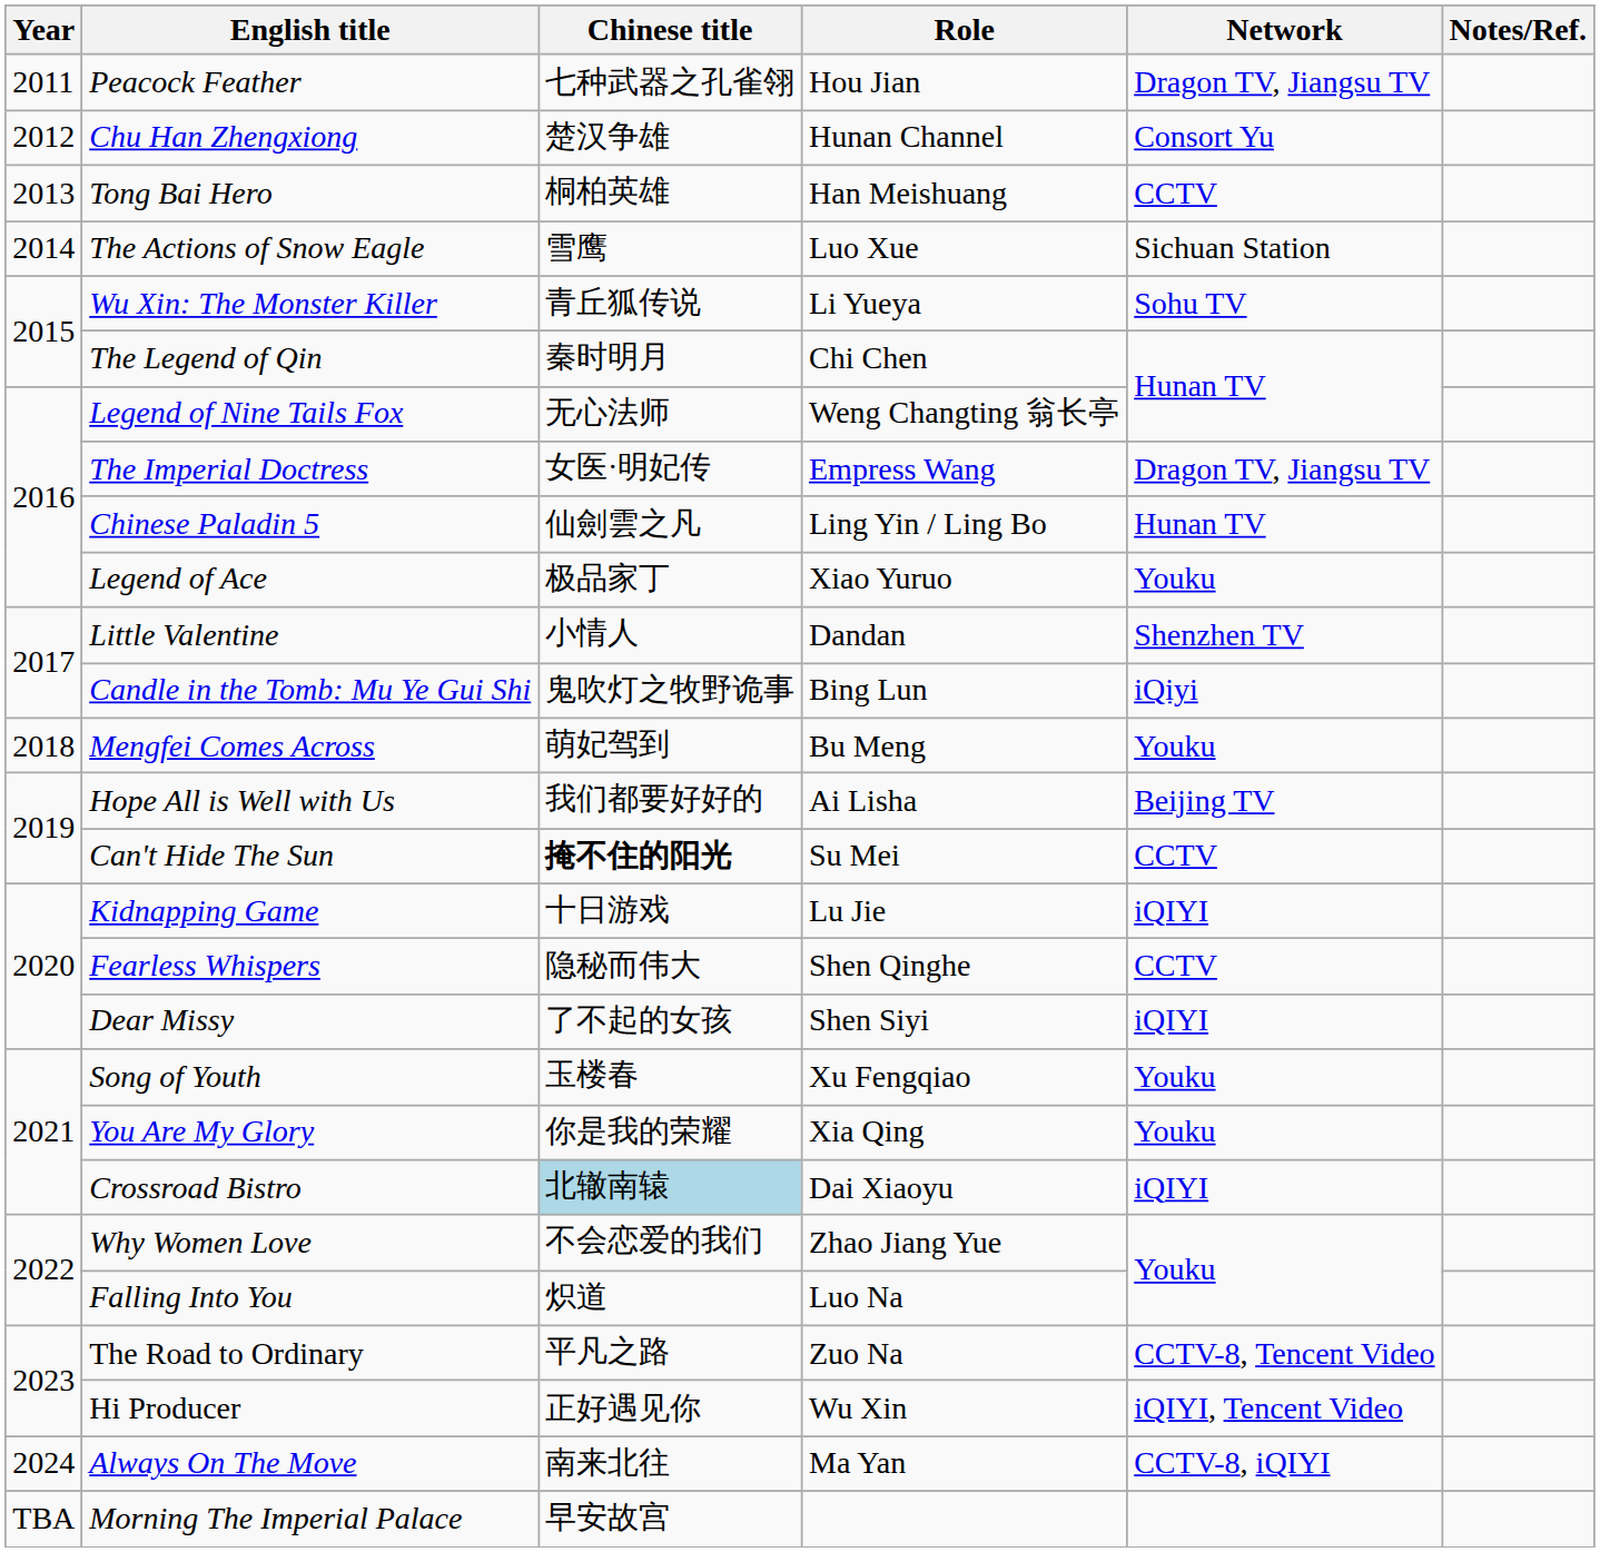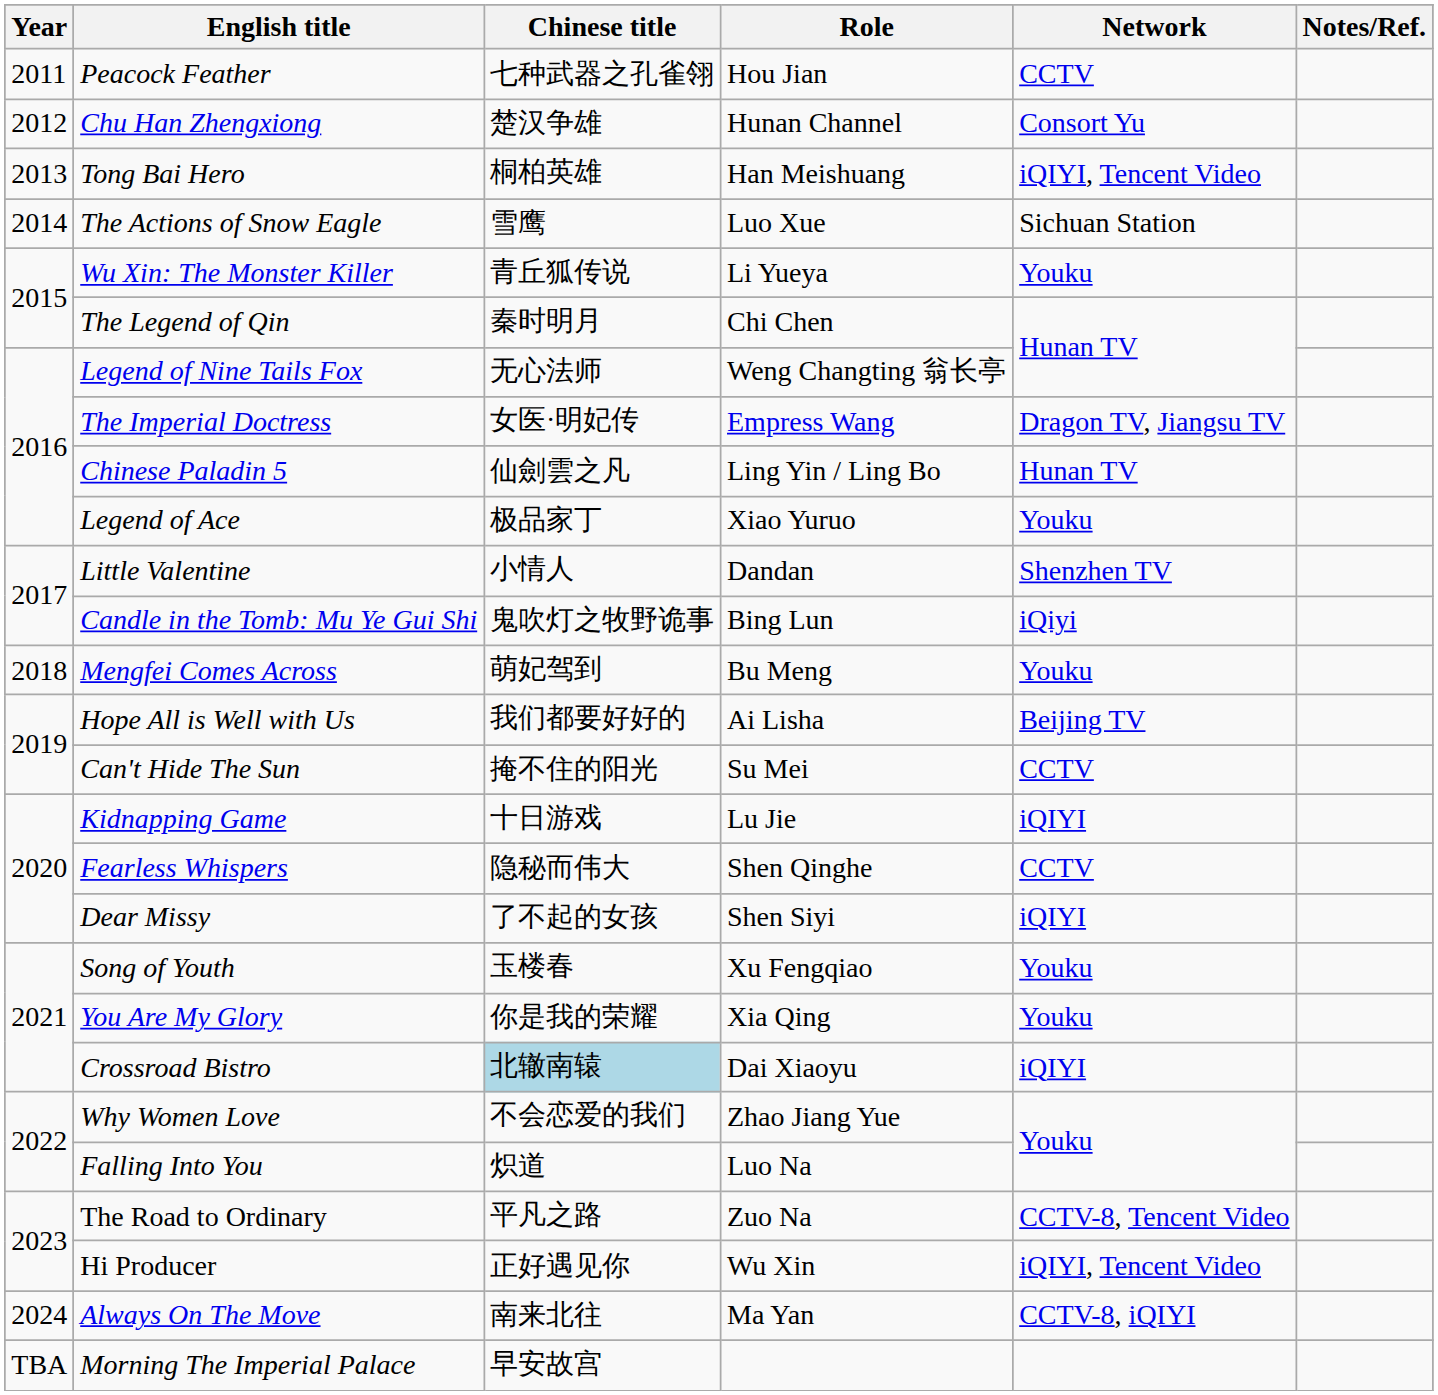 <table class="wikitable">
 <tr>
 <th width=10>Year</th>
 <th>English title</th>
 <th>Chinese title</th>
 <th>Role</th>
 <th>Network</th>
 <th>Notes/Ref.</th>
 </tr>
 <tr>
 <td>2011</td>
 <td><em>Peacock Feather</em></td>
 <td>七种武器之孔雀翎</td>
 <td>Hou Jian</td>
-<td><a href='#'>Dragon TV</a>, <a href='#'>Jiangsu TV</a></td>
+<td><a href='#'>CCTV</a></td>
 <td></td>
 </tr>
 <tr>
 <td>2012</td>
 <td><em><a href='#'>Chu Han Zhengxiong</a></em></td>
 <td>楚汉争雄</td>
 <td>Hunan Channel</td>
 <td><a href='#'>Consort Yu</a></td>
 <td></td>
 </tr>
 <tr>
 <td>2013</td>
 <td><em>Tong Bai Hero</em></td>
 <td>桐柏英雄</td>
 <td>Han Meishuang</td>
-<td><a href='#'>CCTV</a></td>
+<td><a href='#'>iQIYI</a>, <a href='#'>Tencent Video</a></td>
 <td></td>
 </tr>
 <tr>
 <td>2014</td>
 <td><em>The Actions of Snow Eagle</em></td>
 <td>雪鹰</td>
 <td>Luo Xue</td>
 <td>Sichuan Station</td>
 <td></td>
 </tr>
 <tr>
 <td rowspan=2>2015</td>
 <td><em><a href='#'>Wu Xin: The Monster Killer</a></em></td>
 <td>青丘狐传说</td>
 <td>Li Yueya</td>
-<td><a href='#'>Sohu TV</a></td>
+<td><a href='#'>Youku</a></td>
 <td></td>
 </tr>
 <tr>
 <td><em>The Legend of Qin</em></td>
 <td>秦时明月</td>
 <td>Chi Chen</td>
 <td rowspan=2><a href='#'>Hunan TV</a></td>
 <td></td>
 </tr>
 <tr>
 <td rowspan=4>2016</td>
 <td><em><a href='#'>Legend of Nine Tails Fox</a></em></td>
 <td>无心法师</td>
 <td>Weng Changting 翁长亭</td>
 <td></td>
 </tr>
 <tr>
 <td><em><a href='#'>The Imperial Doctress</a></em></td>
 <td>女医·明妃传</td>
 <td><a href='#'>Empress Wang</a></td>
 <td><a href='#'>Dragon TV</a>, <a href='#'>Jiangsu TV</a></td>
 <td></td>
 </tr>
 <tr>
 <td><em><a href='#'>Chinese Paladin 5</a></em></td>
 <td>仙劍雲之凡</td>
 <td>Ling Yin / Ling Bo</td>
 <td><a href='#'>Hunan TV</a></td>
 <td></td>
 </tr>
 <tr>
 <td><em>Legend of Ace</em></td>
 <td>极品家丁</td>
 <td>Xiao Yuruo</td>
 <td><a href='#'>Youku</a></td>
 <td></td>
 </tr>
 <tr>
 <td rowspan=2>2017</td>
 <td><em>Little Valentine</em></td>
 <td>小情人</td>
 <td>Dandan</td>
 <td><a href='#'>Shenzhen TV</a></td>
 <td></td>
 </tr>
 <tr>
 <td><em><a href='#'>Candle in the Tomb: Mu Ye Gui Shi</a></em></td>
 <td>鬼吹灯之牧野诡事</td>
 <td>Bing Lun</td>
 <td><a href='#'>iQiyi</a></td>
 <td></td>
 </tr>
 <tr>
 <td rowspan=1>2018</td>
 <td><em><a href='#'>Mengfei Comes Across</a></em></td>
 <td>萌妃驾到</td>
 <td>Bu Meng</td>
 <td><a href='#'>Youku</a></td>
 <td></td>
 </tr>
 <tr>
 <td rowspan=2>2019</td>
 <td><em>Hope All is Well with Us</em></td>
 <td>我们都要好好的</td>
 <td>Ai Lisha</td>
 <td><a href='#'>Beijing TV</a></td>
 <td></td>
 </tr>
 <tr>
 <td><em>Can't Hide The Sun</em></td>
-<td><strong>掩不住的阳光</strong></td>
+<td>掩不住的阳光</td>
 <td>Su Mei</td>
 <td><a href='#'>CCTV</a></td>
 <td></td>
 </tr>
 <tr>
 <td rowspan="3">2020</td>
 <td><em><a href='#'>Kidnapping Game</a></em></td>
 <td>十日游戏</td>
 <td>Lu Jie</td>
 <td><a href='#'>iQIYI</a></td>
 <td></td>
 </tr>
 <tr>
 <td><em><a href='#'>Fearless Whispers</a></em></td>
 <td>隐秘而伟大</td>
 <td>Shen Qinghe</td>
 <td><a href='#'>CCTV</a></td>
 <td></td>
 </tr>
 <tr>
 <td><em>Dear Missy</em></td>
 <td>了不起的女孩</td>
 <td>Shen Siyi</td>
 <td><a href='#'>iQIYI</a></td>
 <td></td>
 </tr>
 <tr>
 <td rowspan=3>2021</td>
 <td><em>Song of Youth</em></td>
 <td>玉楼春</td>
 <td>Xu Fengqiao</td>
 <td><a href='#'>Youku</a></td>
 <td></td>
 </tr>
 <tr>
 <td><em><a href='#'>You Are My Glory</a></em></td>
 <td>你是我的荣耀</td>
 <td>Xia Qing</td>
 <td><a href='#'>Youku</a></td>
 <td></td>
 </tr>
 <tr>
 <td><em>Crossroad Bistro</em></td>
 <td style="background: lightblue;">北辙南辕</td>
 <td>Dai Xiaoyu</td>
 <td><a href='#'>iQIYI</a></td>
 <td></td>
 </tr>
 <tr>
 <td rowspan=2>2022</td>
 <td><em>Why Women Love</em></td>
 <td>不会恋爱的我们</td>
 <td>Zhao Jiang Yue</td>
 <td rowspan=2><a href='#'>Youku</a></td>
 <td></td>
 </tr>
 <tr>
 <td><em>Falling Into You</em></td>
 <td>炽道</td>
 <td>Luo Na</td>
 <td></td>
 </tr>
 <tr>
 <td rowspan="2">2023</td>
 <td>The Road to Ordinary</td>
 <td>平凡之路</td>
 <td>Zuo Na</td>
 <td><a href='#'>CCTV-8</a>, <a href='#'>Tencent Video</a></td>
 <td></td>
 </tr>
 <tr>
 <td>Hi Producer</td>
 <td>正好遇见你</td>
 <td>Wu Xin</td>
 <td><a href='#'>iQIYI</a>, <a href='#'>Tencent Video</a></td>
 <td></td>
 </tr>
 <tr>
 <td>2024</td>
 <td><em><a href='#'>Always On The Move</a></em></td>
 <td>南来北往</td>
 <td>Ma Yan</td>
 <td><a href='#'>CCTV-8</a>, <a href='#'>iQIYI</a></td>
 <td></td>
 </tr>
 <tr>
 <td>TBA</td>
 <td><em>Morning The Imperial Palace</em></td>
 <td>早安故宫</td>
 <td></td>
 <td></td>
 <td></td>
 </tr>
 </table>
